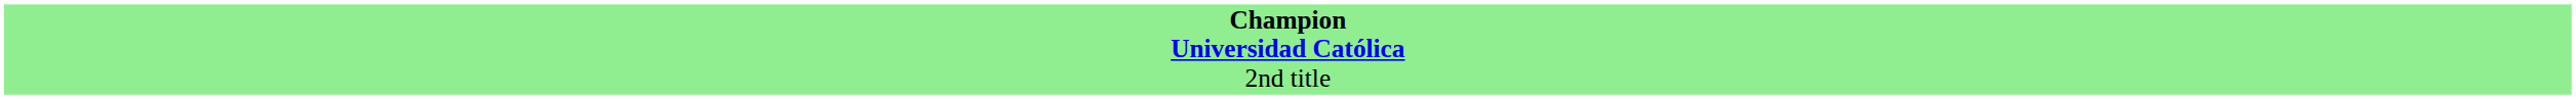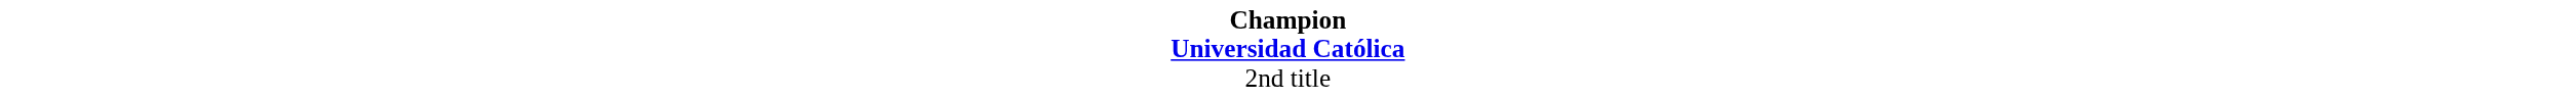 <table cellspacing=0 width=100%>
 <tr align=center>
 <td></td>
 </tr>
 <tr align=center>
 <td></td>
 </tr>
 <tr align=center>
-<td style="background: lightgreen;"><strong>Champion</strong><br><strong><a href='#'>Universidad Católica</a></strong><br>2nd title</td>
+<td><strong>Champion</strong><br><strong><a href='#'>Universidad Católica</a></strong><br>2nd title</td>
 </tr>
 </table>
